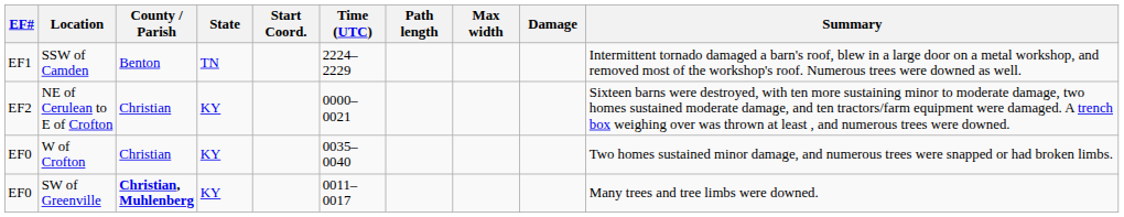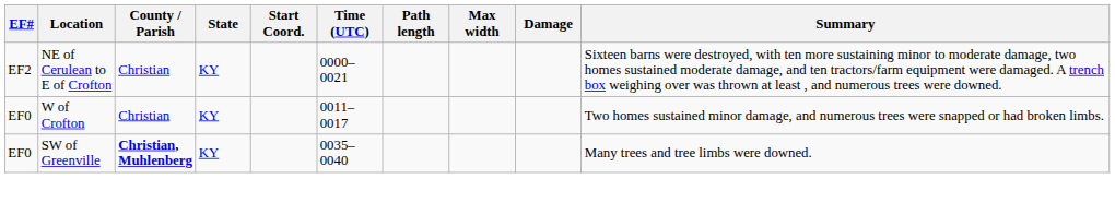 <table class="wikitable sortable" style="width:100%;">
 <tr>
 <th scope="col"  style="width:3%; text-align:center;"><a href='#'>EF#</a></th>
 <th scope="col"  style="width:7%; text-align:center;" class="unsortable">Location</th>
 <th scope="col"  style="width:6%; text-align:center;" class="unsortable">County / Parish</th>
 <th scope="col"  style="width:5%; text-align:center;">State</th>
 <th scope="col"  style="width:6%; text-align:center;">Start Coord.</th>
 <th scope="col"  style="width:6%; text-align:center;">Time (<a href='#'>UTC</a>)</th>
 <th scope="col"  style="width:6%; text-align:center;">Path length</th>
 <th scope="col"  style="width:6%; text-align:center;">Max width</th>
 <th scope="col"  style="width:6%; text-align:center;">Damage</th>
 <th scope="col" class="unsortable" style="width:48%; text-align:center;">Summary</th>
-</tr>
-<tr>
-<td>EF1</td>
-<td>SSW of <a href='#'>Camden</a></td>
-<td><a href='#'>Benton</a></td>
-<td><a href='#'>TN</a></td>
-<td></td>
-<td>2224–2229</td>
-<td></td>
-<td></td>
-<td></td>
-<td>Intermittent tornado damaged a barn's roof, blew in a large door on a metal workshop, and removed most of the workshop's roof. Numerous trees were downed as well.</td>
 </tr>
 <tr>
 <td>EF2</td>
 <td>NE of <a href='#'>Cerulean</a> to E of <a href='#'>Crofton</a></td>
 <td><a href='#'>Christian</a></td>
 <td><a href='#'>KY</a></td>
 <td></td>
 <td>0000–0021</td>
 <td></td>
 <td></td>
 <td></td>
 <td>Sixteen barns were destroyed, with ten more sustaining minor to moderate damage, two homes sustained moderate damage, and ten tractors/farm equipment were damaged. A <a href='#'>trench box</a> weighing over  was thrown at least , and numerous trees were downed.</td>
 </tr>
 <tr>
 <td>EF0</td>
 <td>W of <a href='#'>Crofton</a></td>
 <td><a href='#'>Christian</a></td>
 <td><a href='#'>KY</a></td>
 <td></td>
-<td>0035–0040</td>
+<td>0011–0017</td>
 <td></td>
 <td></td>
 <td></td>
 <td>Two homes sustained minor damage, and numerous trees were snapped or had broken limbs.</td>
 </tr>
 <tr>
 <td>EF0</td>
 <td>SW of <a href='#'>Greenville</a></td>
 <td><strong><a href='#'>Christian</a>, <a href='#'>Muhlenberg</a></strong></td>
 <td><a href='#'>KY</a></td>
 <td></td>
-<td>0011–0017</td>
+<td>0035–0040</td>
 <td></td>
 <td></td>
 <td></td>
 <td>Many trees and tree limbs were downed.</td>
 </tr>
 </table>
